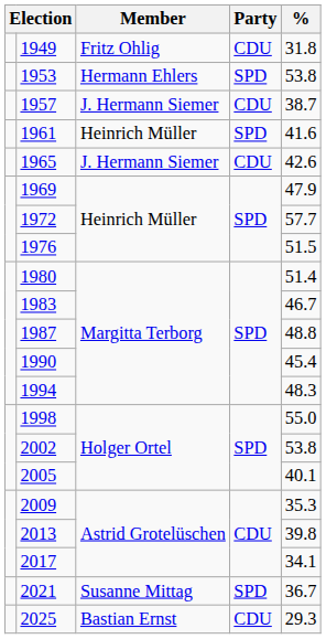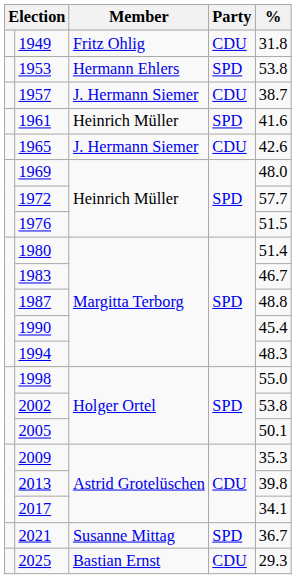 <table class=wikitable>
 <tr>
 <th colspan=2>Election</th>
 <th>Member</th>
 <th>Party</th>
 <th>%</th>
 </tr>
 <tr>
 <td bgcolor=></td>
 <td><a href='#'>1949</a></td>
 <td><a href='#'>Fritz Ohlig</a></td>
 <td><a href='#'>CDU</a></td>
 <td align=right>31.8</td>
 </tr>
 <tr>
 <td bgcolor=></td>
 <td><a href='#'>1953</a></td>
 <td><a href='#'>Hermann Ehlers</a></td>
 <td><a href='#'>SPD</a></td>
 <td align=right>53.8</td>
 </tr>
 <tr>
 <td bgcolor=></td>
 <td><a href='#'>1957</a></td>
 <td><a href='#'>J. Hermann Siemer</a></td>
 <td><a href='#'>CDU</a></td>
 <td align=right>38.7</td>
 </tr>
 <tr>
 <td bgcolor=></td>
 <td><a href='#'>1961</a></td>
 <td>Heinrich Müller</td>
 <td><a href='#'>SPD</a></td>
 <td align=right>41.6</td>
 </tr>
 <tr>
 <td bgcolor=></td>
 <td><a href='#'>1965</a></td>
 <td><a href='#'>J. Hermann Siemer</a></td>
 <td><a href='#'>CDU</a></td>
 <td align=right>42.6</td>
 </tr>
 <tr>
 <td rowspan=3 bgcolor=></td>
 <td><a href='#'>1969</a></td>
 <td rowspan=3>Heinrich Müller</td>
 <td rowspan=3><a href='#'>SPD</a></td>
-<td align=right>47.9</td>
+<td align=right>48.0</td>
 </tr>
 <tr>
 <td><a href='#'>1972</a></td>
 <td align=right>57.7</td>
 </tr>
 <tr>
 <td><a href='#'>1976</a></td>
 <td align=right>51.5</td>
 </tr>
 <tr>
 <td rowspan=5 bgcolor=></td>
 <td><a href='#'>1980</a></td>
 <td rowspan=5><a href='#'>Margitta Terborg</a></td>
 <td rowspan=5><a href='#'>SPD</a></td>
 <td align=right>51.4</td>
 </tr>
 <tr>
 <td><a href='#'>1983</a></td>
 <td align=right>46.7</td>
 </tr>
 <tr>
 <td><a href='#'>1987</a></td>
 <td align=right>48.8</td>
 </tr>
 <tr>
 <td><a href='#'>1990</a></td>
 <td align=right>45.4</td>
 </tr>
 <tr>
 <td><a href='#'>1994</a></td>
 <td align=right>48.3</td>
 </tr>
 <tr>
 <td rowspan=3 bgcolor=></td>
 <td><a href='#'>1998</a></td>
 <td rowspan=3><a href='#'>Holger Ortel</a></td>
 <td rowspan=3><a href='#'>SPD</a></td>
 <td align=right>55.0</td>
 </tr>
 <tr>
 <td><a href='#'>2002</a></td>
 <td align=right>53.8</td>
 </tr>
 <tr>
 <td><a href='#'>2005</a></td>
-<td align=right>40.1</td>
+<td align=right>50.1</td>
 </tr>
 <tr>
 <td rowspan=3 bgcolor=></td>
 <td><a href='#'>2009</a></td>
 <td rowspan=3><a href='#'>Astrid Grotelüschen</a></td>
 <td rowspan=3><a href='#'>CDU</a></td>
 <td align=right>35.3</td>
 </tr>
 <tr>
 <td><a href='#'>2013</a></td>
 <td align=right>39.8</td>
 </tr>
 <tr>
 <td><a href='#'>2017</a></td>
 <td align=right>34.1</td>
 </tr>
 <tr>
 <td bgcolor=></td>
 <td><a href='#'>2021</a></td>
 <td><a href='#'>Susanne Mittag</a></td>
 <td><a href='#'>SPD</a></td>
 <td align=right>36.7</td>
 </tr>
 <tr>
 <td></td>
 <td><a href='#'>2025</a></td>
 <td><a href='#'>Bastian Ernst</a></td>
 <td><a href='#'>CDU</a></td>
 <td>29.3</td>
 </tr>
 </table>
